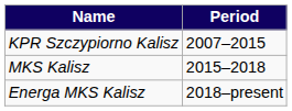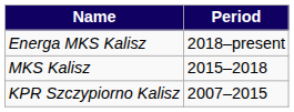 <table class="wikitable" style="text-align: left">
 <tr>
 <th style="color:#FFFFFF; background:#0F0061">Name</th>
 <th style="color:#FFFFFF; background:#0F0061">Period</th>
 </tr>
 <tr>
-<td align=left><em>KPR Szczypiorno Kalisz</em></td>
-<td>2007–2015</td>
+<td align=left><em>Energa MKS Kalisz</em></td>
+<td>2018–present</td>
 </tr>
 <tr>
 <td align=left><em>MKS Kalisz </em></td>
 <td>2015–2018</td>
 </tr>
 <tr>
-<td align=left><em>Energa MKS Kalisz</em></td>
-<td>2018–present</td>
+<td align=left><em>KPR Szczypiorno Kalisz</em></td>
+<td>2007–2015</td>
 </tr>
 </table>
